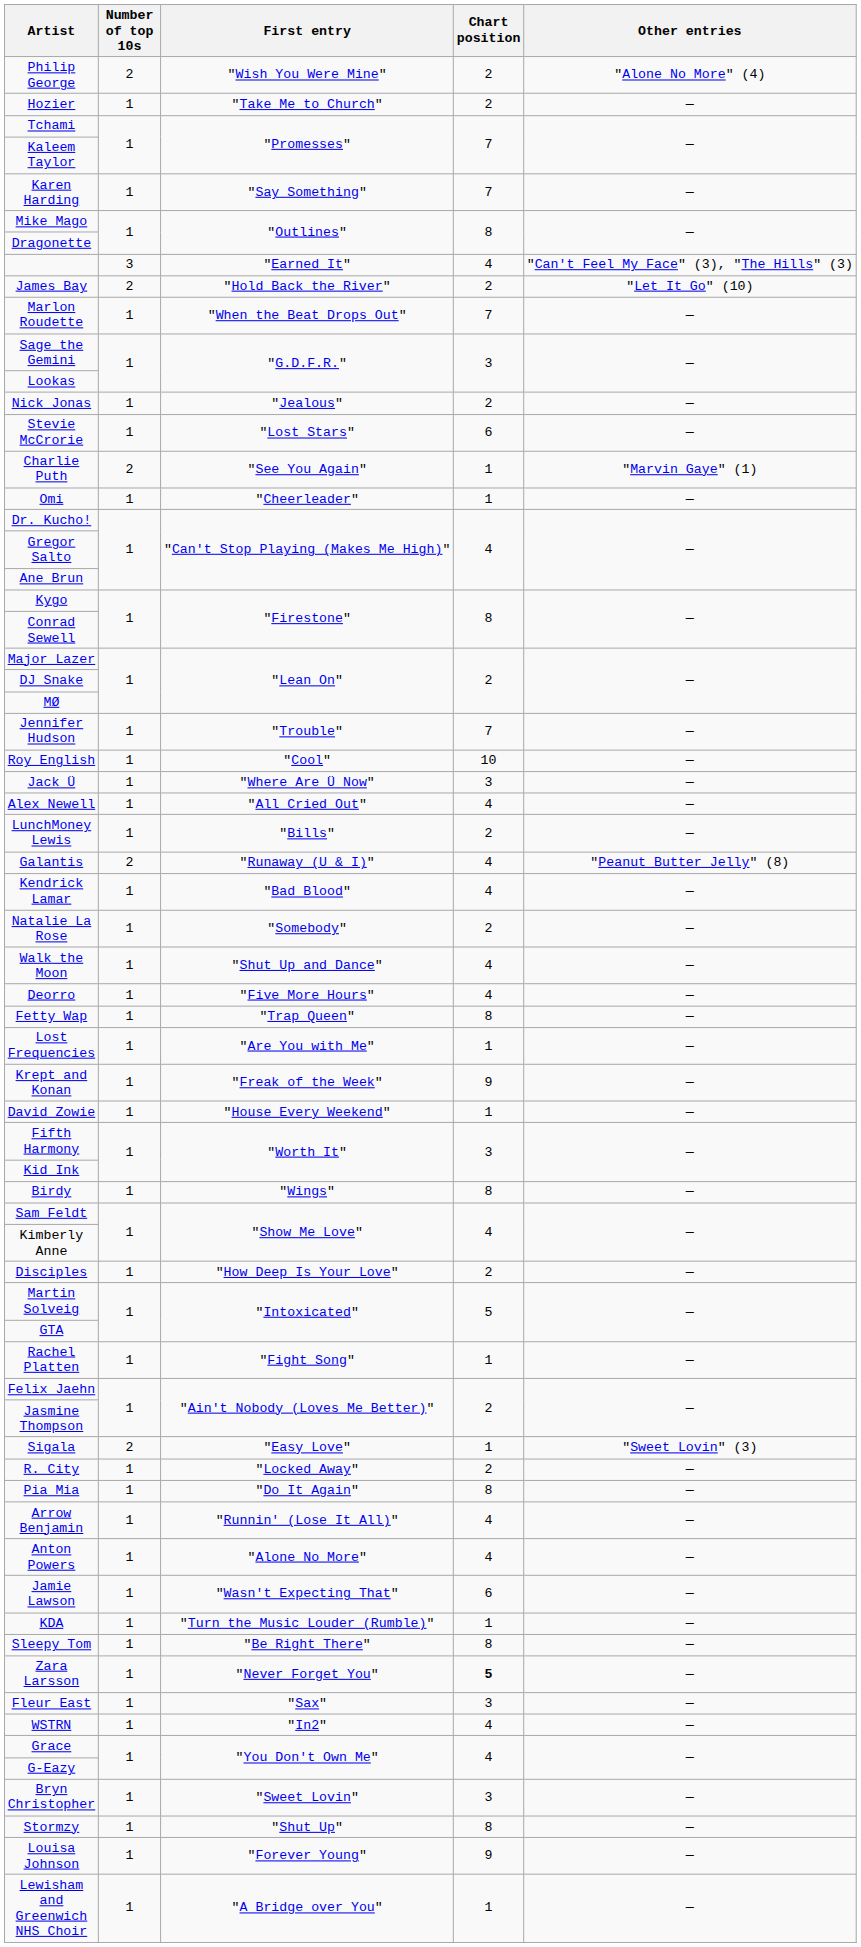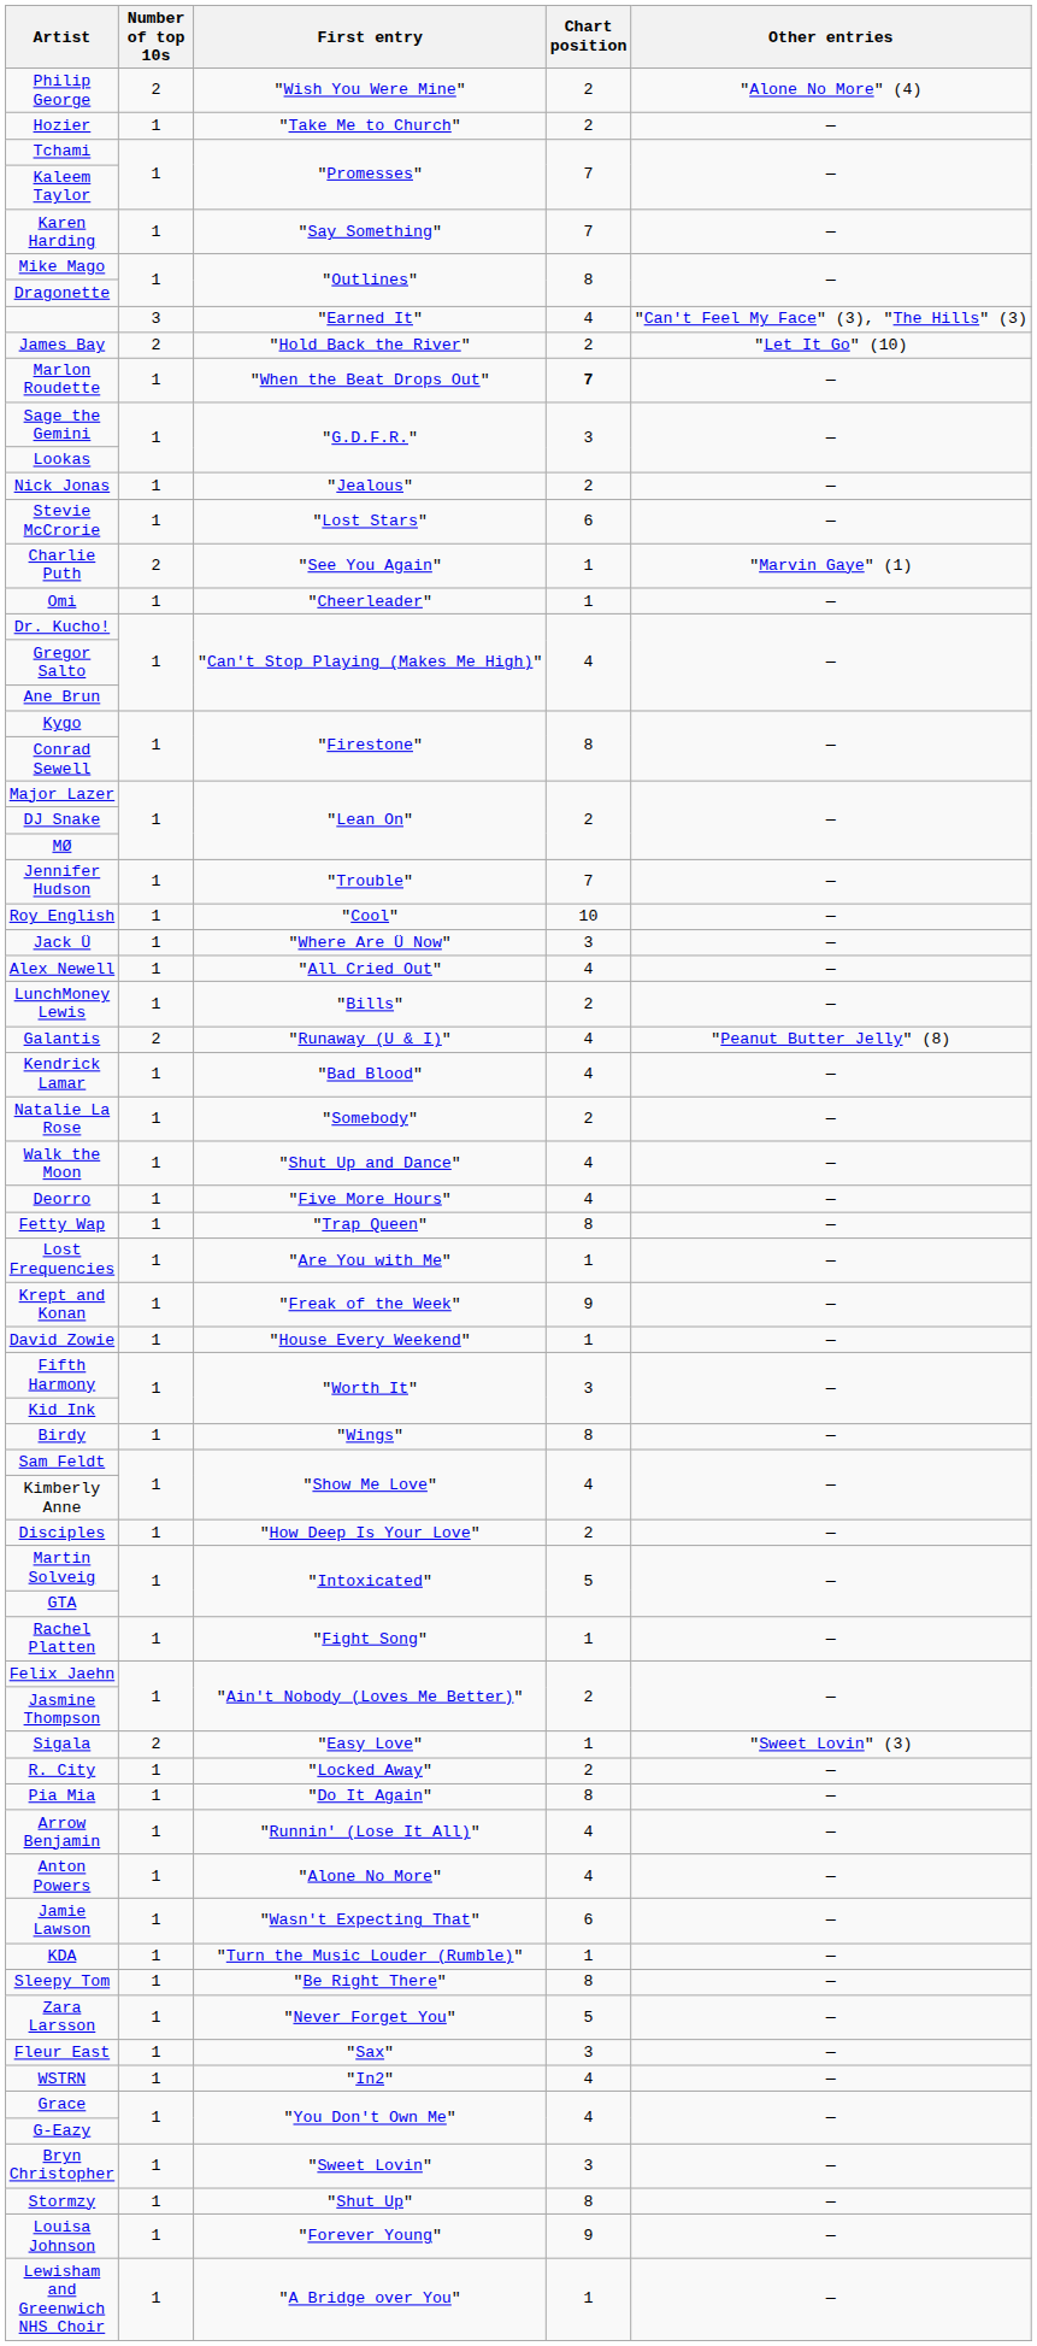 <table class="wikitable sortable mw-collapsible mw-collapsed" style="text-align: center;">
 <tr>
 <th scope="col" style="width:55px;">Artist</th>
 <th scope="col" style="width:55px;" data-sort-type="number">Number of top 10s</th>
 <th scope="col" style="text-align:center;">First entry</th>
 <th scope="col" style="width:55px;" data-sort-type="number">Chart position</th>
 <th scope="col" style="text-align:center;">Other entries</th>
 </tr>
 <tr>
 <td><a href='#'>Philip George</a></td>
 <td>2</td>
 <td>"<a href='#'>Wish You Were Mine</a>"</td>
 <td>2</td>
 <td>"<a href='#'>Alone No More</a>" (4)</td>
 </tr>
 <tr>
 <td><a href='#'>Hozier</a></td>
 <td>1</td>
 <td>"<a href='#'>Take Me to Church</a>"</td>
 <td>2</td>
 <td>—</td>
 </tr>
 <tr>
 <td><a href='#'>Tchami</a></td>
 <td rowspan="2">1</td>
 <td rowspan="2">"<a href='#'>Promesses</a>"</td>
 <td rowspan="2">7</td>
 <td rowspan="2">—</td>
 </tr>
 <tr>
 <td><a href='#'>Kaleem Taylor</a></td>
 </tr>
 <tr>
 <td><a href='#'>Karen Harding</a></td>
 <td>1</td>
 <td>"<a href='#'>Say Something</a>"</td>
 <td>7</td>
 <td>—</td>
 </tr>
 <tr>
 <td><a href='#'>Mike Mago</a></td>
 <td rowspan="2">1</td>
 <td rowspan="2">"<a href='#'>Outlines</a>"</td>
 <td rowspan="2">8</td>
 <td rowspan="2">—</td>
 </tr>
 <tr>
 <td><a href='#'>Dragonette</a></td>
 </tr>
 <tr>
 <td></td>
 <td>3</td>
 <td>"<a href='#'>Earned It</a>"</td>
 <td>4</td>
 <td>"<a href='#'>Can't Feel My Face</a>" (3), "<a href='#'>The Hills</a>" (3)</td>
 </tr>
 <tr>
 <td><a href='#'>James Bay</a></td>
 <td>2</td>
 <td>"<a href='#'>Hold Back the River</a>"</td>
 <td>2</td>
 <td>"<a href='#'>Let It Go</a>" (10)</td>
 </tr>
 <tr>
 <td><a href='#'>Marlon Roudette</a></td>
 <td>1</td>
 <td>"<a href='#'>When the Beat Drops Out</a>"</td>
-<td>7</td>
+<td><strong>7</strong></td>
 <td>—</td>
 </tr>
 <tr>
 <td><a href='#'>Sage the Gemini</a></td>
 <td rowspan="2">1</td>
 <td rowspan="2">"<a href='#'>G.D.F.R.</a>"</td>
 <td rowspan="2">3</td>
 <td rowspan="2">—</td>
 </tr>
 <tr>
 <td><a href='#'>Lookas</a></td>
 </tr>
 <tr>
 <td><a href='#'>Nick Jonas</a></td>
 <td>1</td>
 <td>"<a href='#'>Jealous</a>"</td>
 <td>2</td>
 <td>—</td>
 </tr>
 <tr>
 <td><a href='#'>Stevie McCrorie</a></td>
 <td>1</td>
 <td>"<a href='#'>Lost Stars</a>"</td>
 <td>6</td>
 <td>—</td>
 </tr>
 <tr>
 <td><a href='#'>Charlie Puth</a></td>
 <td>2</td>
 <td>"<a href='#'>See You Again</a>"</td>
 <td>1</td>
 <td>"<a href='#'>Marvin Gaye</a>" (1)</td>
 </tr>
 <tr>
 <td><a href='#'>Omi</a></td>
 <td>1</td>
 <td>"<a href='#'>Cheerleader</a>"</td>
 <td>1</td>
 <td>—</td>
 </tr>
 <tr>
 <td><a href='#'>Dr. Kucho!</a></td>
 <td rowspan="3">1</td>
 <td rowspan="3">"<a href='#'>Can't Stop Playing (Makes Me High)</a>"</td>
 <td rowspan="3">4</td>
 <td rowspan="3">—</td>
 </tr>
 <tr>
 <td><a href='#'>Gregor Salto</a></td>
 </tr>
 <tr>
 <td><a href='#'>Ane Brun</a></td>
 </tr>
 <tr>
 <td><a href='#'>Kygo</a></td>
 <td rowspan="2">1</td>
 <td rowspan="2">"<a href='#'>Firestone</a>"</td>
 <td rowspan="2">8</td>
 <td rowspan="2">—</td>
 </tr>
 <tr>
 <td><a href='#'>Conrad Sewell</a></td>
 </tr>
 <tr>
 <td><a href='#'>Major Lazer</a></td>
 <td rowspan="3">1</td>
 <td rowspan="3">"<a href='#'>Lean On</a>"</td>
 <td rowspan="3">2</td>
 <td rowspan="3">—</td>
 </tr>
 <tr>
 <td><a href='#'>DJ Snake</a></td>
 </tr>
 <tr>
 <td><a href='#'>MØ</a></td>
 </tr>
 <tr>
 <td><a href='#'>Jennifer Hudson</a></td>
 <td>1</td>
 <td>"<a href='#'>Trouble</a>"</td>
 <td>7</td>
 <td>—</td>
 </tr>
 <tr>
 <td><a href='#'>Roy English</a></td>
 <td>1</td>
 <td>"<a href='#'>Cool</a>"</td>
 <td>10</td>
 <td>—</td>
 </tr>
 <tr>
 <td><a href='#'>Jack Ü</a></td>
 <td>1</td>
 <td>"<a href='#'>Where Are Ü Now</a>"</td>
 <td>3</td>
 <td>—</td>
 </tr>
 <tr>
 <td><a href='#'>Alex Newell</a></td>
 <td>1</td>
 <td>"<a href='#'>All Cried Out</a>"</td>
 <td>4</td>
 <td>—</td>
 </tr>
 <tr>
 <td><a href='#'>LunchMoney Lewis</a></td>
 <td>1</td>
 <td>"<a href='#'>Bills</a>"</td>
 <td>2</td>
 <td>—</td>
 </tr>
 <tr>
 <td><a href='#'>Galantis</a></td>
 <td>2</td>
 <td>"<a href='#'>Runaway (U & I)</a>"</td>
 <td>4</td>
 <td>"<a href='#'>Peanut Butter Jelly</a>" (8)</td>
 </tr>
 <tr>
 <td><a href='#'>Kendrick Lamar</a></td>
 <td>1</td>
 <td>"<a href='#'>Bad Blood</a>"</td>
 <td>4</td>
 <td>—</td>
 </tr>
 <tr>
 <td><a href='#'>Natalie La Rose</a></td>
 <td>1</td>
 <td>"<a href='#'>Somebody</a>"</td>
 <td>2</td>
 <td>—</td>
 </tr>
 <tr>
 <td><a href='#'>Walk the Moon</a></td>
 <td>1</td>
 <td>"<a href='#'>Shut Up and Dance</a>"</td>
 <td>4</td>
 <td>—</td>
 </tr>
 <tr>
 <td><a href='#'>Deorro</a></td>
 <td>1</td>
 <td>"<a href='#'>Five More Hours</a>"</td>
 <td>4</td>
 <td>—</td>
 </tr>
 <tr>
 <td><a href='#'>Fetty Wap</a></td>
 <td>1</td>
 <td>"<a href='#'>Trap Queen</a>"</td>
 <td>8</td>
 <td>—</td>
 </tr>
 <tr>
 <td><a href='#'>Lost Frequencies</a></td>
 <td>1</td>
 <td>"<a href='#'>Are You with Me</a>"</td>
 <td>1</td>
 <td>—</td>
 </tr>
 <tr>
 <td><a href='#'>Krept and Konan</a></td>
 <td>1</td>
 <td>"<a href='#'>Freak of the Week</a>"</td>
 <td>9</td>
 <td>—</td>
 </tr>
 <tr>
 <td><a href='#'>David Zowie</a></td>
 <td>1</td>
 <td>"<a href='#'>House Every Weekend</a>"</td>
 <td>1</td>
 <td>—</td>
 </tr>
 <tr>
 <td><a href='#'>Fifth Harmony</a></td>
 <td rowspan="2">1</td>
 <td rowspan="2">"<a href='#'>Worth It</a>"</td>
 <td rowspan="2">3</td>
 <td rowspan="2">—</td>
 </tr>
 <tr>
 <td><a href='#'>Kid Ink</a></td>
 </tr>
 <tr>
 <td><a href='#'>Birdy</a></td>
 <td>1</td>
 <td>"<a href='#'>Wings</a>"</td>
 <td>8</td>
 <td>—</td>
 </tr>
 <tr>
 <td><a href='#'>Sam Feldt</a></td>
 <td rowspan="2">1</td>
 <td rowspan="2">"<a href='#'>Show Me Love</a>"</td>
 <td rowspan="2">4</td>
 <td rowspan="2">—</td>
 </tr>
 <tr>
 <td>Kimberly Anne</td>
 </tr>
 <tr>
 <td><a href='#'>Disciples</a></td>
 <td>1</td>
 <td>"<a href='#'>How Deep Is Your Love</a>"</td>
 <td>2</td>
 <td>—</td>
 </tr>
 <tr>
 <td><a href='#'>Martin Solveig</a></td>
 <td rowspan="2">1</td>
 <td rowspan="2">"<a href='#'>Intoxicated</a>"</td>
 <td rowspan="2">5</td>
 <td rowspan="2">—</td>
 </tr>
 <tr>
 <td><a href='#'>GTA</a></td>
 </tr>
 <tr>
 <td><a href='#'>Rachel Platten</a></td>
 <td>1</td>
 <td>"<a href='#'>Fight Song</a>"</td>
 <td>1</td>
 <td>—</td>
 </tr>
 <tr>
 <td><a href='#'>Felix Jaehn</a></td>
 <td rowspan="2">1</td>
 <td rowspan="2">"<a href='#'>Ain't Nobody (Loves Me Better)</a>"</td>
 <td rowspan="2">2</td>
 <td rowspan="2">—</td>
 </tr>
 <tr>
 <td><a href='#'>Jasmine Thompson</a></td>
 </tr>
 <tr>
 <td><a href='#'>Sigala</a></td>
 <td>2</td>
 <td>"<a href='#'>Easy Love</a>"</td>
 <td>1</td>
 <td>"<a href='#'>Sweet Lovin</a>" (3)</td>
 </tr>
 <tr>
 <td><a href='#'>R. City</a></td>
 <td>1</td>
 <td>"<a href='#'>Locked Away</a>"</td>
 <td>2</td>
 <td>—</td>
 </tr>
 <tr>
 <td><a href='#'>Pia Mia</a></td>
 <td>1</td>
 <td>"<a href='#'>Do It Again</a>"</td>
 <td>8</td>
 <td>—</td>
 </tr>
 <tr>
 <td><a href='#'>Arrow Benjamin</a></td>
 <td>1</td>
 <td>"<a href='#'>Runnin' (Lose It All)</a>"</td>
 <td>4</td>
 <td>—</td>
 </tr>
 <tr>
 <td><a href='#'>Anton Powers</a></td>
 <td>1</td>
 <td>"<a href='#'>Alone No More</a>"</td>
 <td>4</td>
 <td>—</td>
 </tr>
 <tr>
 <td><a href='#'>Jamie Lawson</a></td>
 <td>1</td>
 <td>"<a href='#'>Wasn't Expecting That</a>"</td>
 <td>6</td>
 <td>—</td>
 </tr>
 <tr>
 <td><a href='#'>KDA</a></td>
 <td>1</td>
 <td>"<a href='#'>Turn the Music Louder (Rumble)</a>"</td>
 <td>1</td>
 <td>—</td>
 </tr>
 <tr>
 <td><a href='#'>Sleepy Tom</a></td>
 <td>1</td>
 <td>"<a href='#'>Be Right There</a>"</td>
 <td>8</td>
 <td>—</td>
 </tr>
 <tr>
 <td><a href='#'>Zara Larsson</a></td>
 <td>1</td>
 <td>"<a href='#'>Never Forget You</a>"</td>
-<td><strong>5</strong></td>
+<td>5</td>
 <td>—</td>
 </tr>
 <tr>
 <td><a href='#'>Fleur East</a></td>
 <td>1</td>
 <td>"<a href='#'>Sax</a>"</td>
 <td>3</td>
 <td>—</td>
 </tr>
 <tr>
 <td><a href='#'>WSTRN</a></td>
 <td>1</td>
 <td>"<a href='#'>In2</a>"</td>
 <td>4</td>
 <td>—</td>
 </tr>
 <tr>
 <td><a href='#'>Grace</a></td>
 <td rowspan="2">1</td>
 <td rowspan="2">"<a href='#'>You Don't Own Me</a>"</td>
 <td rowspan="2">4</td>
 <td rowspan="2">—</td>
 </tr>
 <tr>
 <td><a href='#'>G-Eazy</a></td>
 </tr>
 <tr>
 <td><a href='#'>Bryn Christopher</a></td>
 <td>1</td>
 <td>"<a href='#'>Sweet Lovin</a>"</td>
 <td>3</td>
 <td>—</td>
 </tr>
 <tr>
 <td><a href='#'>Stormzy</a></td>
 <td>1</td>
 <td>"<a href='#'>Shut Up</a>"</td>
 <td>8</td>
 <td>—</td>
 </tr>
 <tr>
 <td><a href='#'>Louisa Johnson</a></td>
 <td>1</td>
 <td>"<a href='#'>Forever Young</a>"</td>
 <td>9</td>
 <td>—</td>
 </tr>
 <tr>
 <td><a href='#'>Lewisham and Greenwich NHS Choir</a></td>
 <td>1</td>
 <td>"<a href='#'>A Bridge over You</a>"</td>
 <td>1</td>
 <td>—</td>
 </tr>
 <tr>
 </tr>
 </table>
